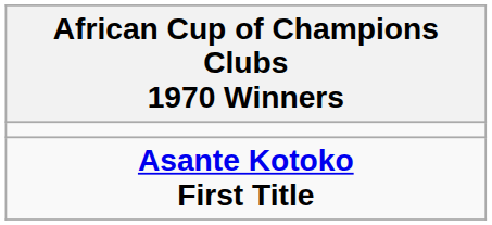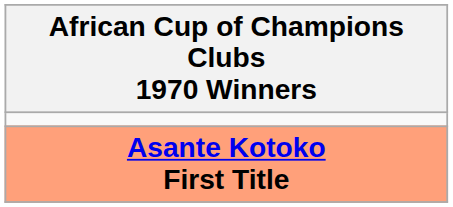 <table class="wikitable" style="text-align: center; margin: 0 auto; width: 20%">
 <tr>
 <th>African Cup of Champions Clubs<br>1970 Winners</th>
 </tr>
 <tr>
 <td></td>
 </tr>
 <tr>
-<td><strong><a href='#'>Asante Kotoko</a></strong><br><strong>First Title</strong></td>
+<td style="background: lightsalmon;"><strong><a href='#'>Asante Kotoko</a></strong><br><strong>First Title</strong></td>
 </tr>
 </table>
